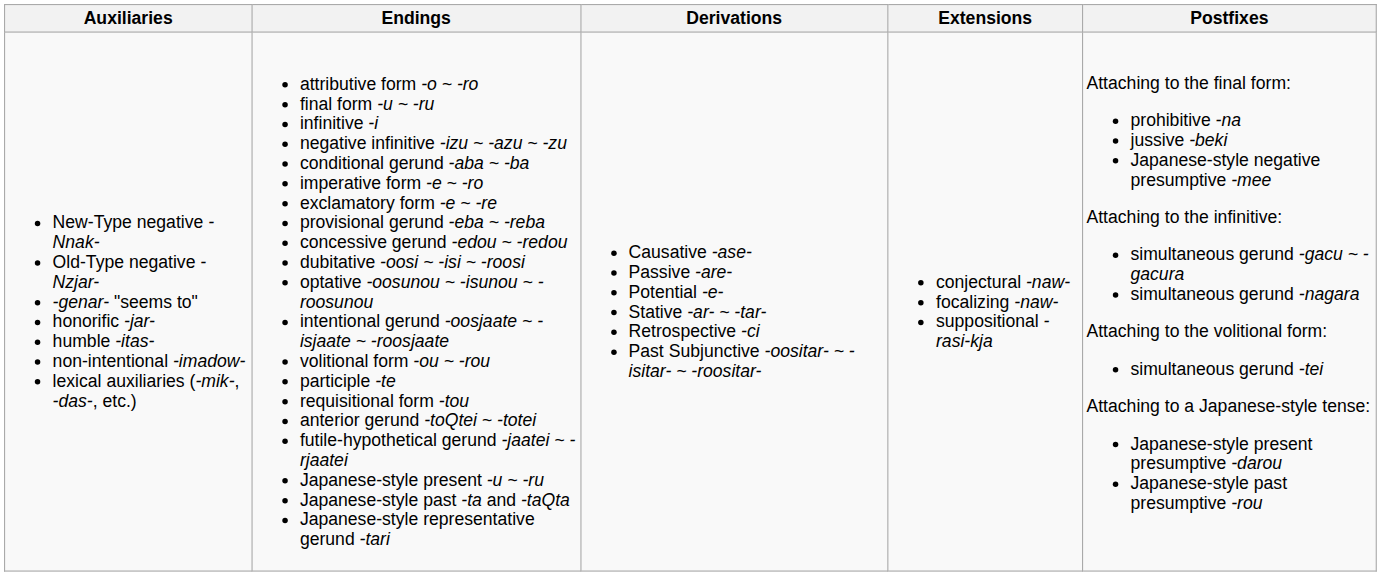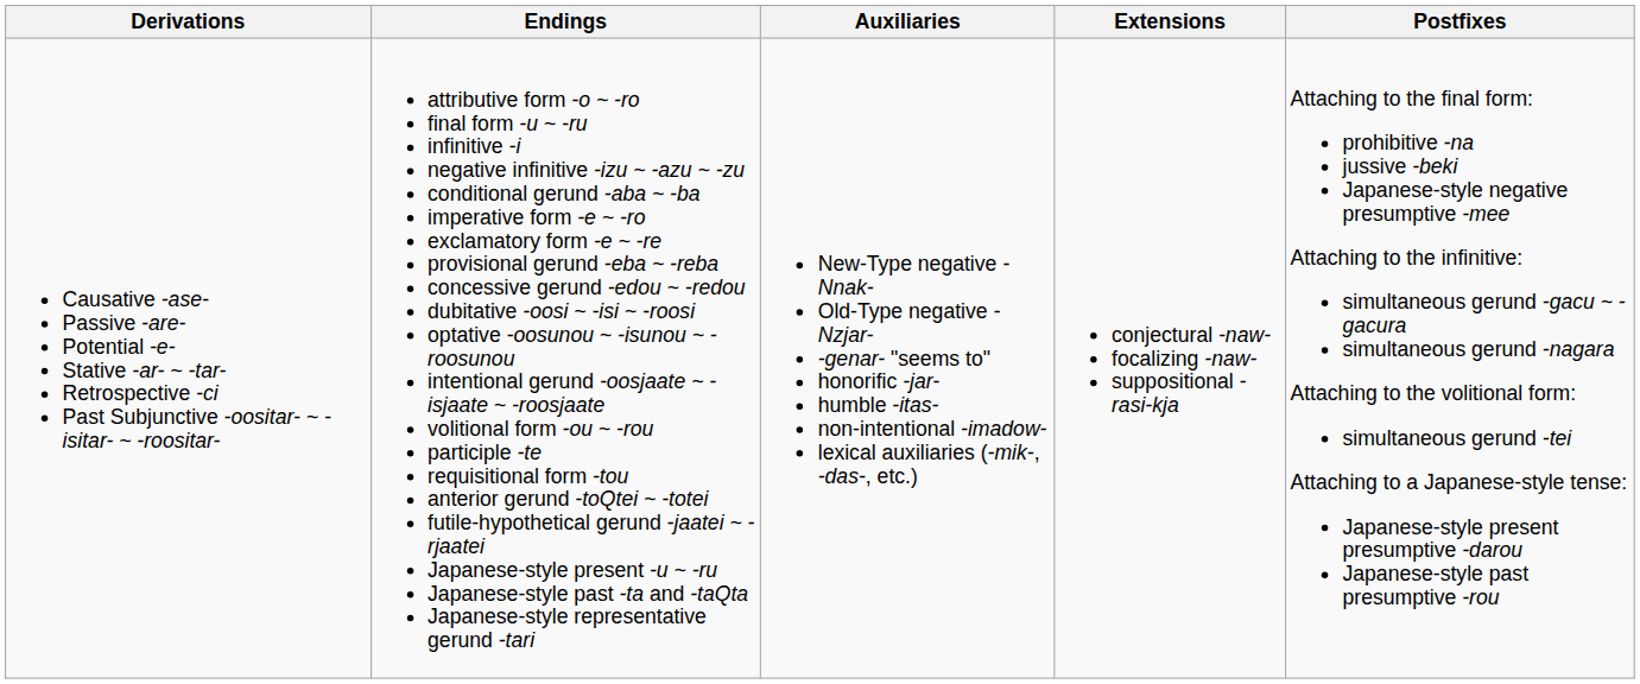 <table class="wikitable">
 <tr>
+<th>Derivations</th>
+<th>Endings</th>
 <th>Auxiliaries</th>
-<th>Endings</th>
-<th>Derivations</th>
 <th>Extensions</th>
 <th>Postfixes</th>
 </tr>
 <tr>
+<td><br><ul><li>Causative <em>-ase-</em></li><li>Passive <em>-are-</em></li><li>Potential <em>-e-</em></li><li>Stative <em>-ar- ~ -tar-</em></li><li>Retrospective <em>-ci</em></li><li>Past Subjunctive <em>-oositar- ~ -isitar- ~ -roositar-</em></li></ul></td>
+<td><br><ul><li>attributive form <em>-o ~ -ro</em></li><li>final form <em>-u ~ -ru</em></li><li>infinitive <em>-i</em></li><li>negative infinitive <em>-izu ~ -azu ~ -zu</em></li><li>conditional gerund <em>-aba ~ -ba</em></li><li>imperative form <em>-e ~ -ro</em></li><li>exclamatory form <em>-e ~ -re</em></li><li>provisional gerund <em>-eba ~ -reba</em></li><li>concessive gerund <em>-edou ~ -redou</em></li><li>dubitative <em>-oosi ~ -isi ~ -roosi</em></li><li>optative <em>-oosunou ~ -isunou ~ -roosunou</em></li><li>intentional gerund <em>-oosjaate ~ -isjaate ~ -roosjaate</em></li><li>volitional form <em>-ou ~ -rou</em></li><li>participle <em>-te</em></li><li>requisitional form <em>-tou</em></li><li>anterior gerund <em>-toQtei ~ -totei</em></li><li>futile-hypothetical gerund <em>-jaatei ~ -rjaatei</em></li><li>Japanese-style present  <em>-u ~ -ru</em></li><li>Japanese-style past  <em>-ta</em> and <em>-taQta</em></li><li>Japanese-style representative gerund <em>-tari</em></li></ul></td>
 <td><br><ul><li>New-Type negative <em>-Nnak-</em></li><li>Old-Type negative <em>-Nzjar-</em></li><li><em>-genar-</em> "seems to"</li><li>honorific <em>-jar-</em></li><li>humble <em>-itas-</em></li><li>non-intentional <em>-imadow-</em></li><li>lexical auxiliaries (<em>-mik-</em>, <em>-das-</em>, etc.)</li></ul></td>
-<td><br><ul><li>attributive form <em>-o ~ -ro</em></li><li>final form <em>-u ~ -ru</em></li><li>infinitive <em>-i</em></li><li>negative infinitive <em>-izu ~ -azu ~ -zu</em></li><li>conditional gerund <em>-aba ~ -ba</em></li><li>imperative form <em>-e ~ -ro</em></li><li>exclamatory form <em>-e ~ -re</em></li><li>provisional gerund <em>-eba ~ -reba</em></li><li>concessive gerund <em>-edou ~ -redou</em></li><li>dubitative <em>-oosi ~ -isi ~ -roosi</em></li><li>optative <em>-oosunou ~ -isunou ~ -roosunou</em></li><li>intentional gerund <em>-oosjaate ~ -isjaate ~ -roosjaate</em></li><li>volitional form <em>-ou ~ -rou</em></li><li>participle <em>-te</em></li><li>requisitional form <em>-tou</em></li><li>anterior gerund <em>-toQtei ~ -totei</em></li><li>futile-hypothetical gerund <em>-jaatei ~ -rjaatei</em></li><li>Japanese-style present  <em>-u ~ -ru</em></li><li>Japanese-style past  <em>-ta</em> and <em>-taQta</em></li><li>Japanese-style representative gerund <em>-tari</em></li></ul></td>
-<td><br><ul><li>Causative <em>-ase-</em></li><li>Passive <em>-are-</em></li><li>Potential <em>-e-</em></li><li>Stative <em>-ar- ~ -tar-</em></li><li>Retrospective <em>-ci</em></li><li>Past Subjunctive <em>-oositar- ~ -isitar- ~ -roositar-</em></li></ul></td>
 <td><br><ul><li>conjectural <em>-naw-</em></li><li>focalizing <em>-naw-</em></li><li>suppositional <em>-rasi-kja</em></li></ul></td>
 <td>Attaching to the final form:<br><ul><li>prohibitive <em>-na</em></li><li>jussive <em>-beki</em></li><li>Japanese-style negative presumptive <em>-mee</em></li></ul>Attaching to the infinitive:<ul><li>simultaneous gerund <em>-gacu ~ -gacura</em></li><li>simultaneous gerund <em>-nagara</em></li></ul>Attaching to the volitional form:<ul><li>simultaneous gerund <em>-tei</em></li></ul>Attaching to a Japanese-style tense:<ul><li>Japanese-style present presumptive <em>-darou</em></li><li>Japanese-style past presumptive <em>-rou</em></li></ul></td>
 </tr>
 </table>
